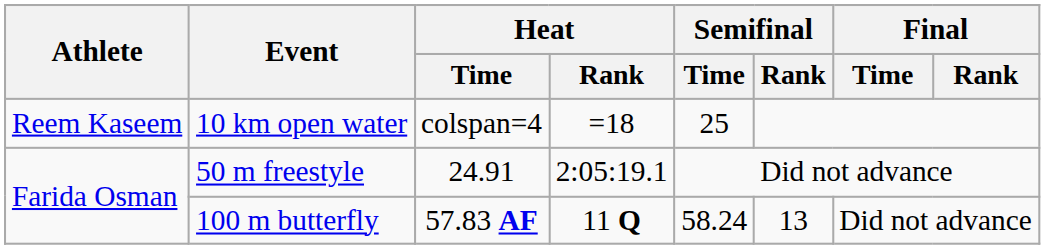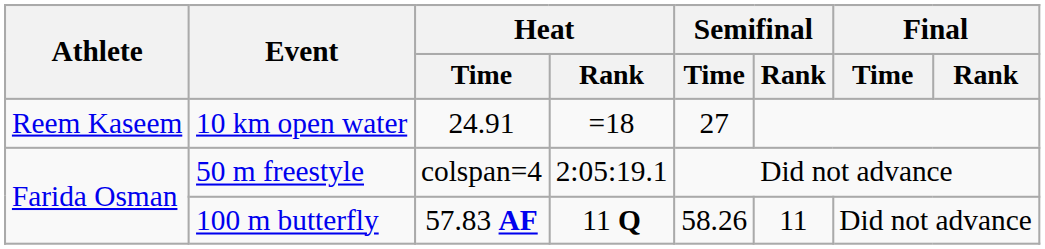 <table class=wikitable style="font-size:90%">
 <tr>
 <th rowspan="2">Athlete</th>
 <th rowspan="2">Event</th>
 <th colspan="2">Heat</th>
 <th colspan="2">Semifinal</th>
 <th colspan="2">Final</th>
 </tr>
 <tr style="font-size:95%">
 <th>Time</th>
 <th>Rank</th>
 <th>Time</th>
 <th>Rank</th>
 <th>Time</th>
 <th>Rank</th>
 </tr>
 <tr align=center>
 <td align=left><a href='#'>Reem Kaseem</a></td>
 <td align=left><a href='#'>10 km open water</a></td>
-<td>colspan=4 </td>
+<td>24.91</td>
 <td>=18</td>
-<td>25</td>
+<td>27</td>
 </tr>
 <tr align=center>
 <td align=left rowspan=2><a href='#'>Farida Osman</a></td>
 <td align=left><a href='#'>50 m freestyle</a></td>
-<td>24.91</td>
+<td>colspan=4 </td>
 <td>2:05:19.1</td>
 <td colspan=4>Did not advance</td>
 </tr>
 <tr align=center>
 <td align=left><a href='#'>100 m butterfly</a></td>
 <td>57.83 <strong><a href='#'>AF</a></strong></td>
 <td>11 <strong>Q</strong></td>
-<td>58.24</td>
-<td>13</td>
+<td>58.26</td>
+<td>11</td>
 <td colspan=2>Did not advance</td>
 </tr>
 </table>
